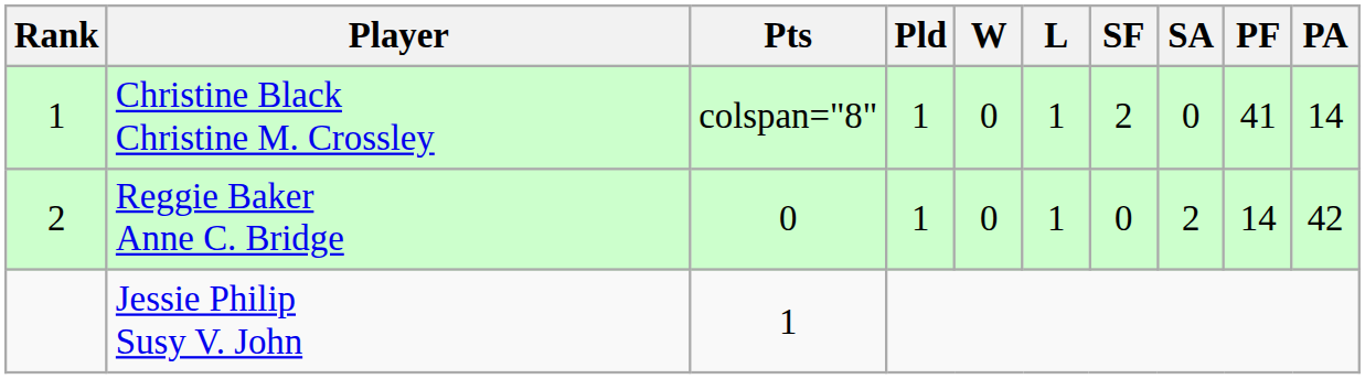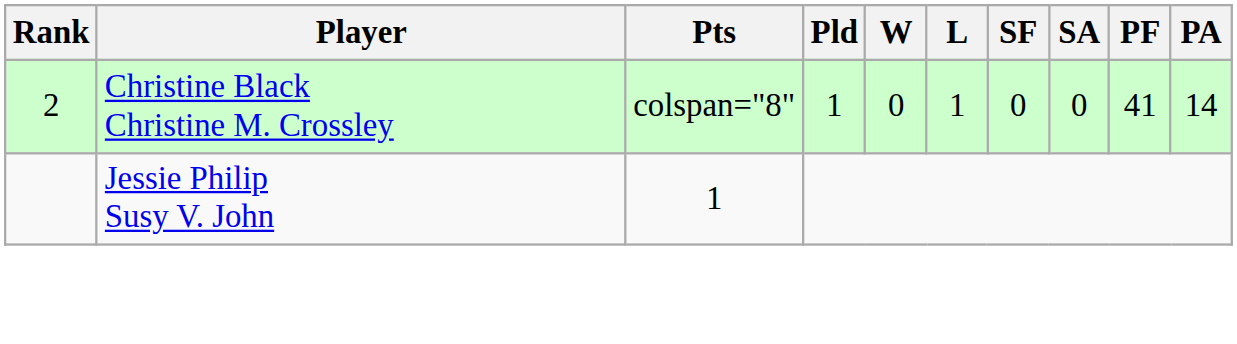 <table class=wikitable style="text-align:center; font-size:90%">
 <tr>
 <th width="20">Rank</th>
 <th width="225">Player</th>
 <th width="20">Pts</th>
 <th width="20">Pld</th>
 <th width="20">W</th>
 <th width="20">L</th>
 <th width="20">SF</th>
 <th width="20">SA</th>
 <th width="20">PF</th>
 <th width="20">PA</th>
 </tr>
 <tr bgcolor="#ccffcc">
-<td>1</td>
+<td>2</td>
 <td style="text-align:left"> <a href='#'>Christine Black</a><br> <a href='#'>Christine M. Crossley</a></td>
 <td>colspan="8" </td>
 <td>1</td>
 <td>0</td>
 <td>1</td>
-<td>2</td>
+<td>0</td>
 <td>0</td>
 <td>41</td>
 <td>14</td>
-</tr>
-<tr bgcolor="#ccffcc">
-<td>2</td>
-<td style="text-align:left"> <a href='#'>Reggie Baker</a><br> <a href='#'>Anne C. Bridge</a></td>
-<td>0</td>
-<td>1</td>
-<td>0</td>
-<td>1</td>
-<td>0</td>
-<td>2</td>
-<td>14</td>
-<td>42</td>
 </tr>
 <tr>
 <td></td>
 <td style="text-align:left"> <a href='#'>Jessie Philip</a><br> <a href='#'>Susy V. John</a></td>
 <td>1</td>
 </tr>
 </table>
